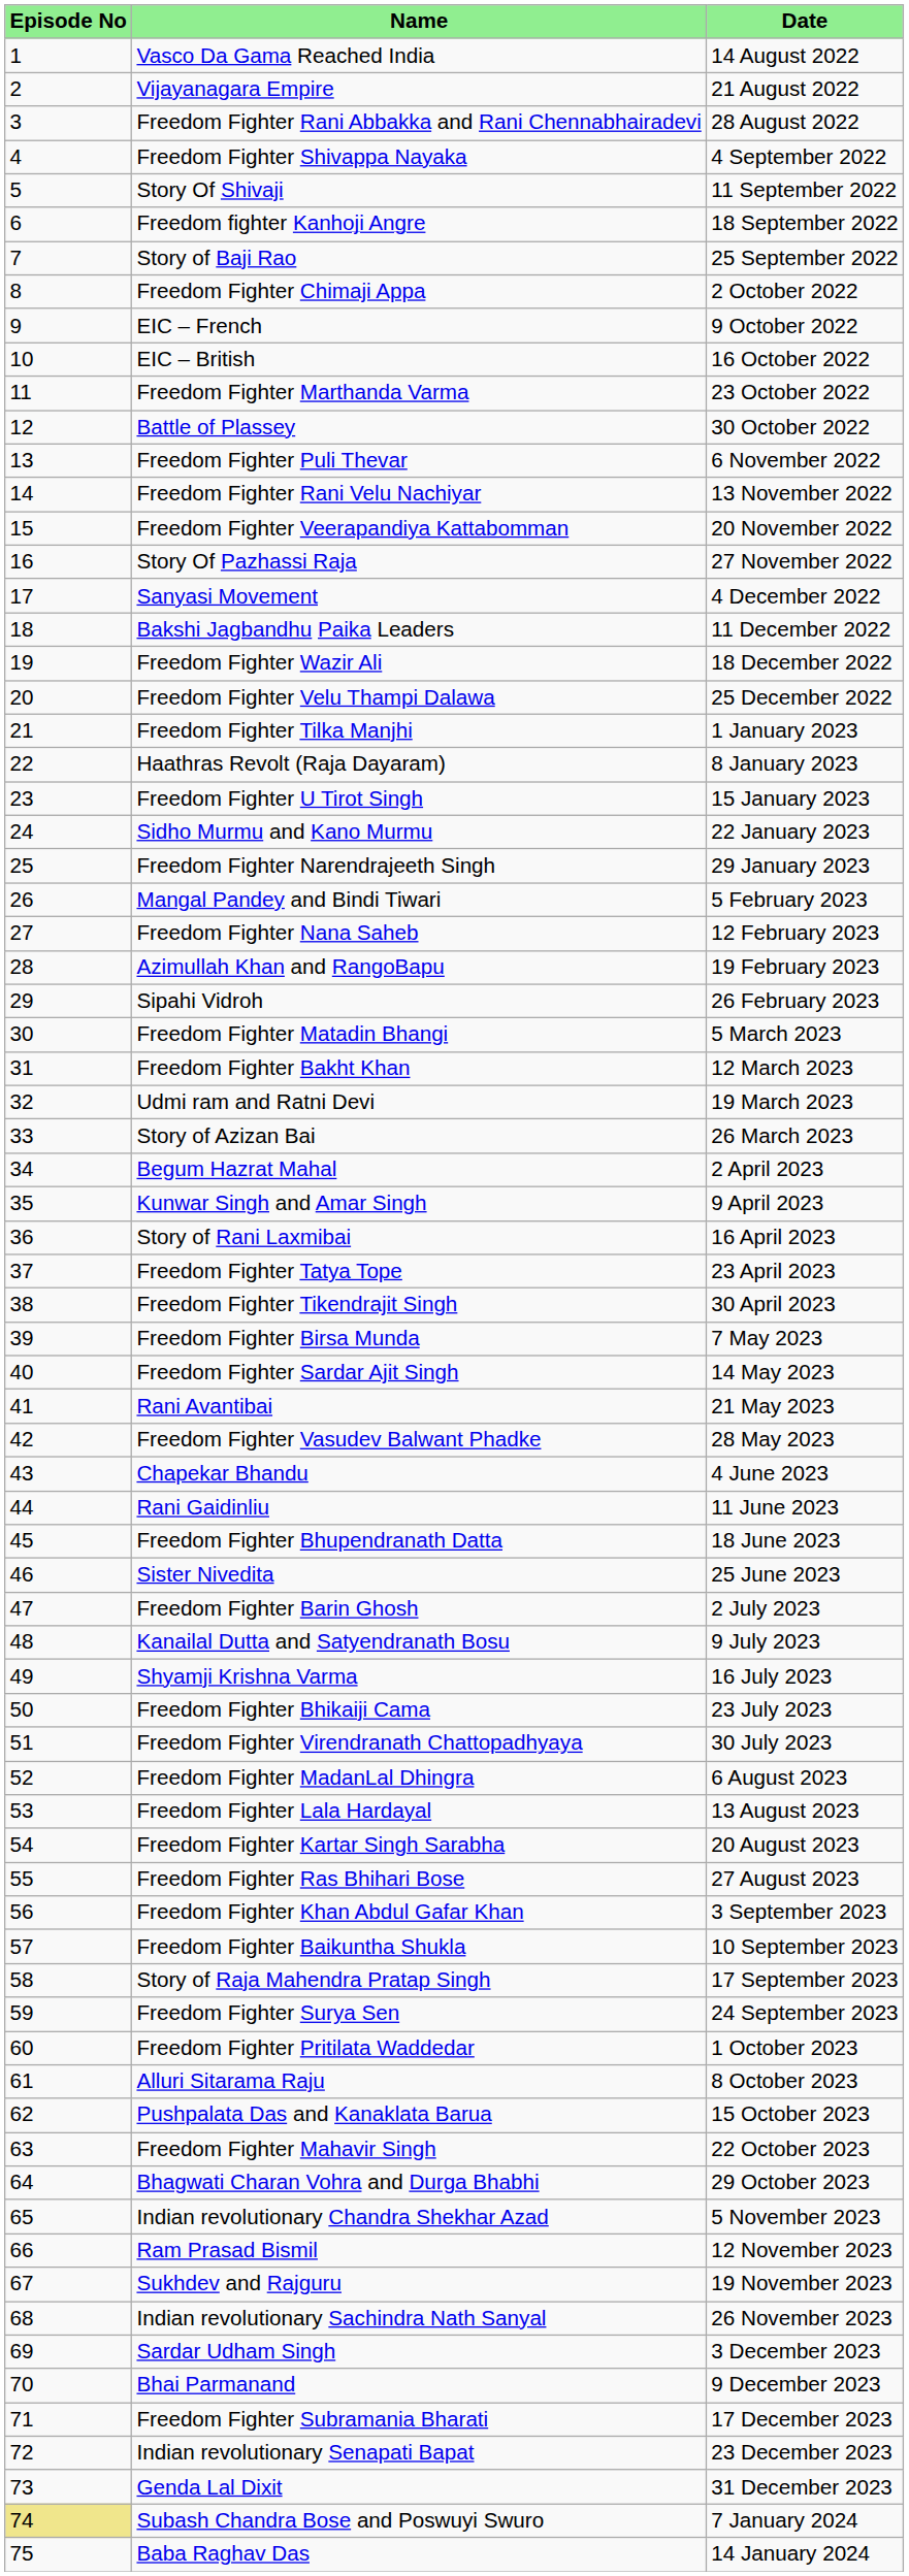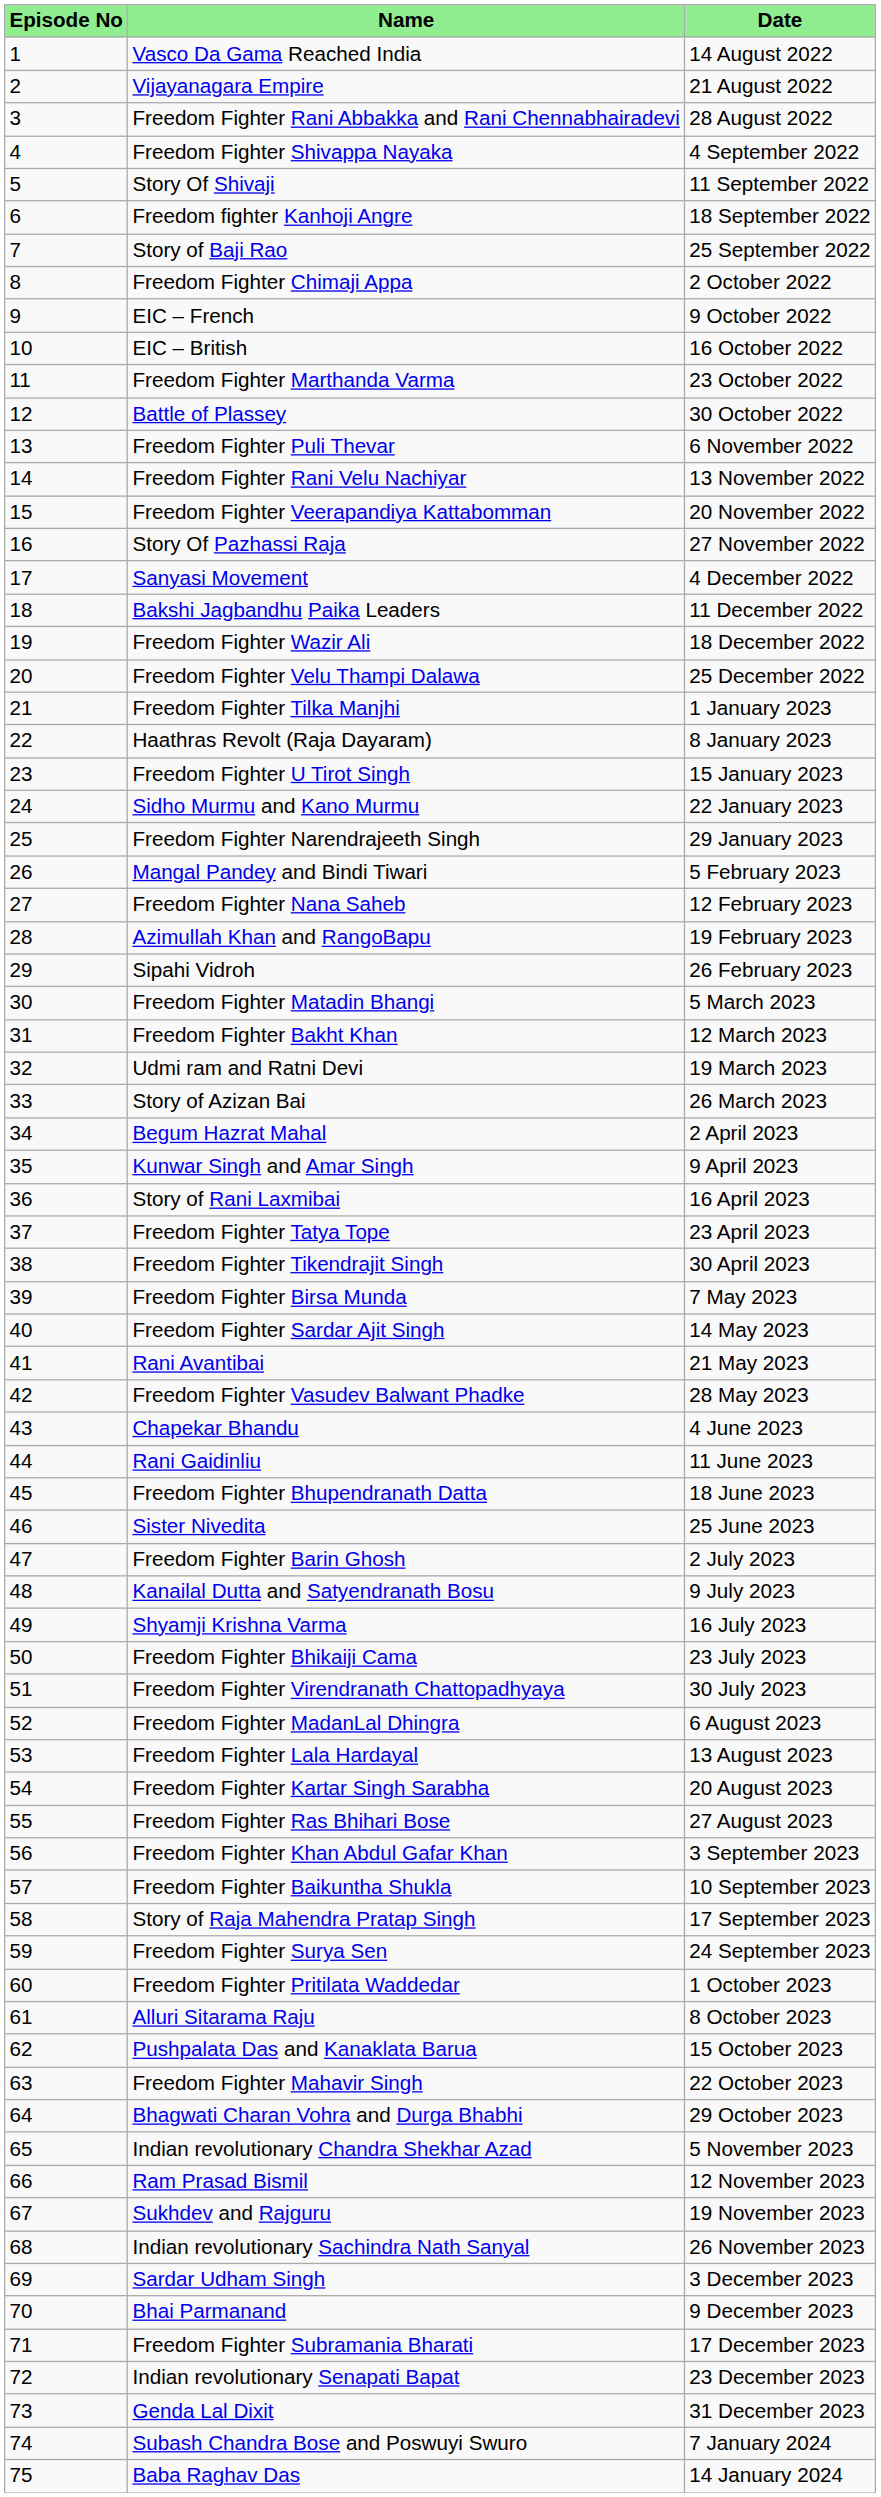 <table Class=wikitable sortable>
 <tr>
 <th style="background:lightgreen;">Episode No</th>
 <th style="background:lightgreen;">Name</th>
 <th style="background:lightgreen;">Date</th>
 </tr>
 <tr>
 <td>1</td>
 <td><a href='#'>Vasco Da Gama</a> Reached India</td>
 <td>14 August 2022</td>
 </tr>
 <tr>
 <td>2</td>
 <td><a href='#'>Vijayanagara Empire</a></td>
 <td>21 August 2022</td>
 </tr>
 <tr>
 <td>3</td>
 <td>Freedom Fighter <a href='#'>Rani Abbakka</a> and <a href='#'>Rani Chennabhairadevi</a></td>
 <td>28 August 2022</td>
 </tr>
 <tr>
 <td>4</td>
 <td>Freedom Fighter <a href='#'>Shivappa Nayaka</a></td>
 <td>4 September 2022</td>
 </tr>
 <tr>
 <td>5</td>
 <td>Story Of <a href='#'>Shivaji</a></td>
 <td>11 September 2022</td>
 </tr>
 <tr>
 <td>6</td>
 <td>Freedom fighter <a href='#'>Kanhoji Angre</a></td>
 <td>18 September 2022</td>
 </tr>
 <tr>
 <td>7</td>
 <td>Story of <a href='#'>Baji Rao</a></td>
 <td>25 September 2022</td>
 </tr>
 <tr>
 <td>8</td>
 <td>Freedom Fighter <a href='#'>Chimaji Appa</a></td>
 <td>2 October 2022</td>
 </tr>
 <tr>
 <td>9</td>
 <td>EIC – French</td>
 <td>9 October 2022</td>
 </tr>
 <tr>
 <td>10</td>
 <td>EIC – British</td>
 <td>16 October 2022</td>
 </tr>
 <tr>
 <td>11</td>
 <td>Freedom Fighter <a href='#'>Marthanda Varma</a></td>
 <td>23 October 2022</td>
 </tr>
 <tr>
 <td>12</td>
 <td><a href='#'>Battle of Plassey</a></td>
 <td>30 October 2022</td>
 </tr>
 <tr>
 <td>13</td>
 <td>Freedom Fighter <a href='#'>Puli Thevar</a></td>
 <td>6 November 2022</td>
 </tr>
 <tr>
 <td>14</td>
 <td>Freedom Fighter <a href='#'>Rani Velu Nachiyar</a></td>
 <td>13 November 2022</td>
 </tr>
 <tr>
 <td>15</td>
 <td>Freedom Fighter <a href='#'>Veerapandiya Kattabomman</a></td>
 <td>20 November 2022</td>
 </tr>
 <tr>
 <td>16</td>
 <td>Story Of <a href='#'>Pazhassi Raja</a></td>
 <td>27 November 2022</td>
 </tr>
 <tr>
 <td>17</td>
 <td><a href='#'>Sanyasi Movement</a></td>
 <td>4 December 2022</td>
 </tr>
 <tr>
 <td>18</td>
 <td><a href='#'>Bakshi Jagbandhu</a> <a href='#'>Paika</a> Leaders</td>
 <td>11 December 2022</td>
 </tr>
 <tr>
 <td>19</td>
 <td>Freedom Fighter <a href='#'>Wazir Ali</a></td>
 <td>18 December 2022</td>
 </tr>
 <tr>
 <td>20</td>
 <td>Freedom Fighter <a href='#'>Velu Thampi Dalawa</a></td>
 <td>25 December 2022</td>
 </tr>
 <tr>
 <td>21</td>
 <td>Freedom Fighter <a href='#'>Tilka Manjhi</a></td>
 <td>1 January 2023</td>
 </tr>
 <tr>
 <td>22</td>
 <td>Haathras Revolt (Raja Dayaram)</td>
 <td>8 January 2023</td>
 </tr>
 <tr>
 <td>23</td>
 <td>Freedom Fighter <a href='#'>U Tirot Singh</a></td>
 <td>15 January 2023</td>
 </tr>
 <tr>
 <td>24</td>
 <td><a href='#'>Sidho Murmu</a> and <a href='#'>Kano Murmu</a></td>
 <td>22 January 2023</td>
 </tr>
 <tr>
 <td>25</td>
 <td>Freedom Fighter Narendrajeeth Singh</td>
 <td>29 January 2023</td>
 </tr>
 <tr>
 <td>26</td>
 <td><a href='#'>Mangal Pandey</a> and Bindi Tiwari</td>
 <td>5 February 2023</td>
 </tr>
 <tr>
 <td>27</td>
 <td>Freedom Fighter <a href='#'>Nana Saheb</a></td>
 <td>12 February 2023</td>
 </tr>
 <tr>
 <td>28</td>
 <td><a href='#'>Azimullah Khan</a>  and <a href='#'>RangoBapu</a></td>
 <td>19 February 2023</td>
 </tr>
 <tr>
 <td>29</td>
 <td>Sipahi Vidroh</td>
 <td>26 February 2023</td>
 </tr>
 <tr>
 <td>30</td>
 <td>Freedom Fighter <a href='#'>Matadin Bhangi</a></td>
 <td>5 March 2023</td>
 </tr>
 <tr>
 <td>31</td>
 <td>Freedom Fighter <a href='#'>Bakht Khan</a></td>
 <td>12 March 2023</td>
 </tr>
 <tr>
 <td>32</td>
 <td>Udmi ram and Ratni Devi</td>
 <td>19 March 2023</td>
 </tr>
 <tr>
 <td>33</td>
 <td>Story of Azizan Bai</td>
 <td>26 March 2023</td>
 </tr>
 <tr>
 <td>34</td>
 <td><a href='#'>Begum Hazrat Mahal</a></td>
 <td>2 April 2023</td>
 </tr>
 <tr>
 <td>35</td>
 <td><a href='#'>Kunwar Singh</a> and <a href='#'>Amar Singh</a></td>
 <td>9 April 2023</td>
 </tr>
 <tr>
 <td>36</td>
 <td>Story of <a href='#'>Rani Laxmibai</a></td>
 <td>16 April 2023</td>
 </tr>
 <tr>
 <td>37</td>
 <td>Freedom Fighter <a href='#'>Tatya Tope</a></td>
 <td>23 April 2023</td>
 </tr>
 <tr>
 <td>38</td>
 <td>Freedom Fighter <a href='#'>Tikendrajit Singh</a></td>
 <td>30 April 2023</td>
 </tr>
 <tr>
 <td>39</td>
 <td>Freedom Fighter <a href='#'>Birsa Munda</a></td>
 <td>7 May 2023</td>
 </tr>
 <tr>
 <td>40</td>
 <td>Freedom Fighter <a href='#'>Sardar Ajit Singh</a></td>
 <td>14 May 2023</td>
 </tr>
 <tr>
 <td>41</td>
 <td><a href='#'>Rani Avantibai</a></td>
 <td>21 May 2023</td>
 </tr>
 <tr>
 <td>42</td>
 <td>Freedom Fighter <a href='#'>Vasudev Balwant Phadke</a></td>
 <td>28 May 2023</td>
 </tr>
 <tr>
 <td>43</td>
 <td><a href='#'>Chapekar Bhandu</a></td>
 <td>4 June 2023</td>
 </tr>
 <tr>
 <td>44</td>
 <td><a href='#'>Rani Gaidinliu</a></td>
 <td>11 June 2023</td>
 </tr>
 <tr>
 <td>45</td>
 <td>Freedom Fighter <a href='#'>Bhupendranath Datta</a></td>
 <td>18 June 2023</td>
 </tr>
 <tr>
 <td>46</td>
 <td><a href='#'>Sister Nivedita</a></td>
 <td>25 June 2023</td>
 </tr>
 <tr>
 <td>47</td>
 <td>Freedom Fighter <a href='#'>Barin Ghosh</a></td>
 <td>2 July 2023</td>
 </tr>
 <tr>
 <td>48</td>
 <td><a href='#'>Kanailal Dutta</a> and <a href='#'>Satyendranath Bosu</a></td>
 <td>9 July 2023</td>
 </tr>
 <tr>
 <td>49</td>
 <td><a href='#'>Shyamji Krishna Varma</a></td>
 <td>16 July 2023</td>
 </tr>
 <tr>
 <td>50</td>
 <td>Freedom Fighter <a href='#'>Bhikaiji Cama</a></td>
 <td>23 July 2023</td>
 </tr>
 <tr>
 <td>51</td>
 <td>Freedom Fighter <a href='#'>Virendranath Chattopadhyaya</a></td>
 <td>30 July 2023</td>
 </tr>
 <tr>
 <td>52</td>
 <td>Freedom Fighter <a href='#'>MadanLal Dhingra</a></td>
 <td>6 August 2023</td>
 </tr>
 <tr>
 <td>53</td>
 <td>Freedom Fighter <a href='#'>Lala Hardayal</a></td>
 <td>13 August 2023</td>
 </tr>
 <tr>
 <td>54</td>
 <td>Freedom Fighter <a href='#'>Kartar Singh Sarabha</a></td>
 <td>20 August 2023</td>
 </tr>
 <tr>
 <td>55</td>
 <td>Freedom Fighter <a href='#'>Ras Bhihari Bose</a></td>
 <td>27 August 2023</td>
 </tr>
 <tr>
 <td>56</td>
 <td>Freedom Fighter <a href='#'>Khan Abdul Gafar Khan</a></td>
 <td>3 September 2023</td>
 </tr>
 <tr>
 <td>57</td>
 <td>Freedom Fighter <a href='#'>Baikuntha Shukla</a></td>
 <td>10 September 2023</td>
 </tr>
 <tr>
 <td>58</td>
 <td>Story of <a href='#'>Raja Mahendra Pratap Singh</a></td>
 <td>17 September 2023</td>
 </tr>
 <tr>
 <td>59</td>
 <td>Freedom Fighter <a href='#'>Surya Sen</a></td>
 <td>24 September 2023</td>
 </tr>
 <tr>
 <td>60</td>
 <td>Freedom Fighter <a href='#'>Pritilata Waddedar</a></td>
 <td>1 October 2023</td>
 </tr>
 <tr>
 <td>61</td>
 <td><a href='#'>Alluri Sitarama Raju</a></td>
 <td>8 October 2023</td>
 </tr>
 <tr>
 <td>62</td>
 <td><a href='#'>Pushpalata Das</a> and <a href='#'>Kanaklata Barua</a></td>
 <td>15 October 2023</td>
 </tr>
 <tr>
 <td>63</td>
 <td>Freedom Fighter <a href='#'>Mahavir Singh</a></td>
 <td>22 October 2023</td>
 </tr>
 <tr>
 <td>64</td>
 <td><a href='#'>Bhagwati Charan Vohra</a> and <a href='#'>Durga Bhabhi</a></td>
 <td>29 October 2023</td>
 </tr>
 <tr>
 <td>65</td>
 <td>Indian revolutionary <a href='#'>Chandra Shekhar Azad</a></td>
 <td>5 November 2023</td>
 </tr>
 <tr>
 <td>66</td>
 <td><a href='#'>Ram Prasad Bismil</a></td>
 <td>12 November 2023</td>
 </tr>
 <tr>
 <td>67</td>
 <td><a href='#'>Sukhdev</a> and <a href='#'>Rajguru</a></td>
 <td>19 November 2023</td>
 </tr>
 <tr>
 <td>68</td>
 <td>Indian revolutionary <a href='#'>Sachindra Nath Sanyal</a></td>
 <td>26 November 2023</td>
 </tr>
 <tr>
 <td>69</td>
 <td><a href='#'>Sardar Udham Singh</a></td>
 <td>3 December 2023</td>
 </tr>
 <tr>
 <td>70</td>
 <td><a href='#'>Bhai Parmanand</a></td>
 <td>9 December 2023</td>
 </tr>
 <tr>
 <td>71</td>
 <td>Freedom Fighter <a href='#'>Subramania Bharati</a></td>
 <td>17 December 2023</td>
 </tr>
 <tr>
 <td>72</td>
 <td>Indian revolutionary <a href='#'>Senapati Bapat</a></td>
 <td>23 December 2023</td>
 </tr>
 <tr>
 <td>73</td>
 <td><a href='#'>Genda Lal Dixit</a></td>
 <td>31 December 2023</td>
 </tr>
 <tr>
-<td style="background: khaki;">74</td>
+<td>74</td>
 <td><a href='#'>Subash Chandra Bose</a> and Poswuyi Swuro</td>
 <td>7 January 2024</td>
 </tr>
 <tr>
 <td>75</td>
 <td><a href='#'>Baba Raghav Das</a></td>
 <td>14 January 2024</td>
 </tr>
 </table>
